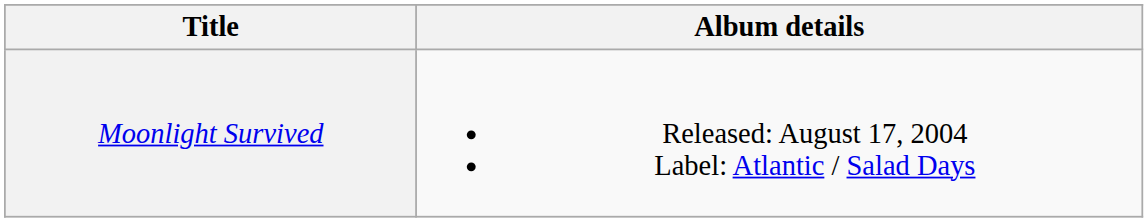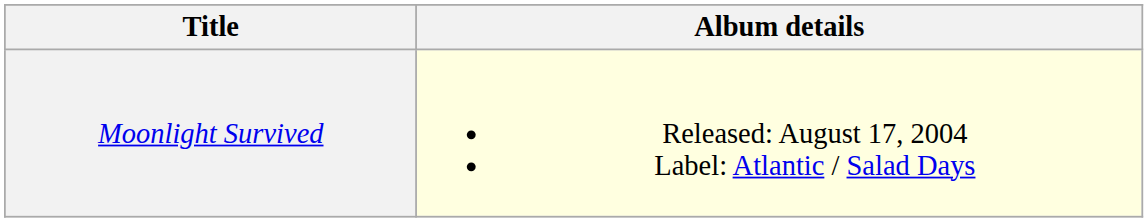 <table class="wikitable plainrowheaders" style="text-align:center;" border="1">
 <tr>
 <th rowspan="1" scope="col" style="width:14em;">Title</th>
 <th rowspan="1" scope="col" style="width:25em;">Album details</th>
 </tr>
 <tr>
 <th scope="row" style="font-weight:normal;"><em><a href='#'>Moonlight Survived</a></em></th>
-<td><br><ul><li>Released: August 17, 2004</li><li>Label: <a href='#'>Atlantic</a> / <a href='#'>Salad Days</a></li></ul></td>
+<td style="background: lightyellow;"><br><ul><li>Released: August 17, 2004</li><li>Label: <a href='#'>Atlantic</a> / <a href='#'>Salad Days</a></li></ul></td>
 </tr>
 </table>
